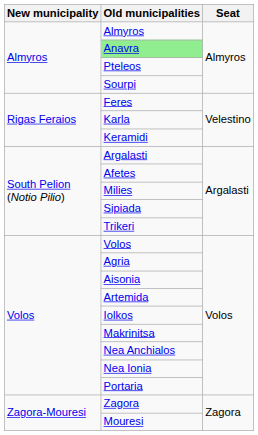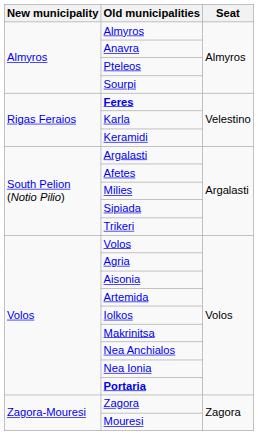 <table class="wikitable">
 <tr>
 <th>New municipality</th>
 <th>Old municipalities</th>
 <th>Seat</th>
 </tr>
 <tr>
 <td rowspan=4><a href='#'>Almyros</a></td>
 <td><a href='#'>Almyros</a></td>
 <td rowspan=4>Almyros</td>
 </tr>
 <tr>
-<td style="background: lightgreen;"><a href='#'>Anavra</a></td>
+<td><a href='#'>Anavra</a></td>
 </tr>
 <tr>
 <td><a href='#'>Pteleos</a></td>
 </tr>
 <tr>
 <td><a href='#'>Sourpi</a></td>
 </tr>
 <tr>
 <td rowspan=3><a href='#'>Rigas Feraios</a></td>
-<td><a href='#'>Feres</a></td>
+<td><strong><a href='#'>Feres</a></strong></td>
 <td rowspan=3>Velestino</td>
 </tr>
 <tr>
 <td><a href='#'>Karla</a></td>
 </tr>
 <tr>
 <td><a href='#'>Keramidi</a></td>
 </tr>
 <tr>
 <td rowspan=5><a href='#'>South Pelion</a> <br>(<em>Notio Pilio</em>)</td>
 <td><a href='#'>Argalasti</a></td>
 <td rowspan=5>Argalasti</td>
 </tr>
 <tr>
 <td><a href='#'>Afetes</a></td>
 </tr>
 <tr>
 <td><a href='#'>Milies</a></td>
 </tr>
 <tr>
 <td><a href='#'>Sipiada</a></td>
 </tr>
 <tr>
 <td><a href='#'>Trikeri</a></td>
 </tr>
 <tr>
 <td rowspan=9><a href='#'>Volos</a></td>
 <td><a href='#'>Volos</a></td>
 <td rowspan=9>Volos</td>
 </tr>
 <tr>
 <td><a href='#'>Agria</a></td>
 </tr>
 <tr>
 <td><a href='#'>Aisonia</a></td>
 </tr>
 <tr>
 <td><a href='#'>Artemida</a></td>
 </tr>
 <tr>
 <td><a href='#'>Iolkos</a></td>
 </tr>
 <tr>
 <td><a href='#'>Makrinitsa</a></td>
 </tr>
 <tr>
 <td><a href='#'>Nea Anchialos</a></td>
 </tr>
 <tr>
 <td><a href='#'>Nea Ionia</a></td>
 </tr>
 <tr>
-<td><a href='#'>Portaria</a></td>
+<td><strong><a href='#'>Portaria</a></strong></td>
 </tr>
 <tr>
 <td rowspan=2><a href='#'>Zagora-Mouresi</a></td>
 <td><a href='#'>Zagora</a></td>
 <td rowspan=2>Zagora</td>
 </tr>
 <tr>
 <td><a href='#'>Mouresi</a></td>
 </tr>
 </table>
